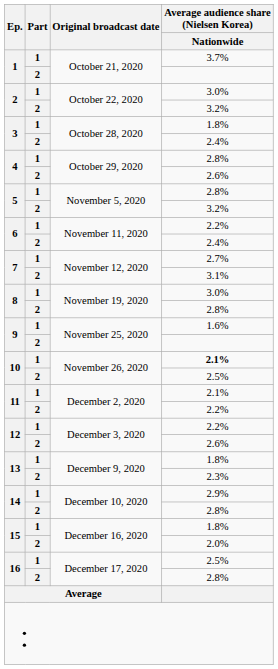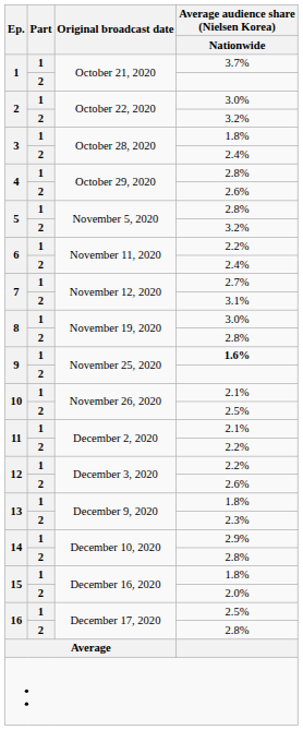 <table class="wikitable" style="text-align:center;max-width:450px; margin-left: auto; margin-right: auto; border: none;">
 <tr>
 <th rowspan="2">Ep.</th>
 <th rowspan="2">Part</th>
 <th rowspan="2">Original broadcast date</th>
 <th colspan="2">Average audience share<br>(Nielsen Korea)</th>
 </tr>
 <tr>
 <th>Nationwide</th>
 </tr>
 <tr>
 <th rowspan="2">1</th>
 <th>1</th>
 <td rowspan="2">October 21, 2020</td>
 <td>3.7%</td>
 </tr>
 <tr>
 <th>2</th>
 <td><strong></strong></td>
 </tr>
 <tr>
 <th rowspan="2">2</th>
 <th>1</th>
 <td rowspan="2">October 22, 2020</td>
 <td>3.0%</td>
 </tr>
 <tr>
 <th>2</th>
 <td>3.2%</td>
 </tr>
 <tr>
 <th rowspan="2">3</th>
 <th>1</th>
 <td rowspan="2">October 28, 2020</td>
 <td>1.8%</td>
 </tr>
 <tr>
 <th>2</th>
 <td>2.4%</td>
 </tr>
 <tr>
 <th rowspan="2">4</th>
 <th>1</th>
 <td rowspan="2">October 29, 2020</td>
 <td>2.8%</td>
 </tr>
 <tr>
 <th>2</th>
 <td>2.6%</td>
 </tr>
 <tr>
 <th rowspan="2">5</th>
 <th>1</th>
 <td rowspan="2">November 5, 2020</td>
 <td>2.8%</td>
 </tr>
 <tr>
 <th>2</th>
 <td>3.2%</td>
 </tr>
 <tr>
 <th rowspan="2">6</th>
 <th>1</th>
 <td rowspan="2">November 11, 2020</td>
 <td>2.2%</td>
 </tr>
 <tr>
 <th>2</th>
 <td>2.4%</td>
 </tr>
 <tr>
 <th rowspan="2">7</th>
 <th>1</th>
 <td rowspan="2">November 12, 2020</td>
 <td>2.7%</td>
 </tr>
 <tr>
 <th>2</th>
 <td>3.1%</td>
 </tr>
 <tr>
 <th rowspan="2">8</th>
 <th>1</th>
 <td rowspan="2">November 19, 2020</td>
 <td>3.0%</td>
 </tr>
 <tr>
 <th>2</th>
 <td>2.8%</td>
 </tr>
 <tr>
 <th rowspan="2">9</th>
 <th>1</th>
 <td rowspan="2">November 25, 2020</td>
-<td>1.6%</td>
+<td><strong>1.6%</strong></td>
 </tr>
 <tr>
 <th>2</th>
 <td></td>
 </tr>
 <tr>
 <th rowspan="2">10</th>
 <th>1</th>
 <td rowspan="2">November 26, 2020</td>
-<td><strong>2.1%</strong></td>
+<td>2.1%</td>
 </tr>
 <tr>
 <th>2</th>
 <td>2.5%</td>
 </tr>
 <tr>
 <th rowspan="2">11</th>
 <th>1</th>
 <td rowspan="2">December 2, 2020</td>
 <td>2.1%</td>
 </tr>
 <tr>
 <th>2</th>
 <td>2.2%</td>
 </tr>
 <tr>
 <th rowspan="2">12</th>
 <th>1</th>
 <td rowspan="2">December 3, 2020</td>
 <td>2.2%</td>
 </tr>
 <tr>
 <th>2</th>
 <td>2.6%</td>
 </tr>
 <tr>
 <th rowspan="2">13</th>
 <th>1</th>
 <td rowspan="2">December 9, 2020</td>
 <td>1.8%</td>
 </tr>
 <tr>
 <th>2</th>
 <td>2.3%</td>
 </tr>
 <tr>
 <th rowspan="2">14</th>
 <th>1</th>
 <td rowspan="2">December 10, 2020</td>
 <td>2.9%</td>
 </tr>
 <tr>
 <th>2</th>
 <td>2.8%</td>
 </tr>
 <tr>
 <th rowspan="2">15</th>
 <th>1</th>
 <td rowspan="2">December 16, 2020</td>
 <td>1.8%</td>
 </tr>
 <tr>
 <th>2</th>
 <td>2.0%</td>
 </tr>
 <tr>
 <th rowspan="2">16</th>
 <th>1</th>
 <td rowspan="2">December 17, 2020</td>
 <td>2.5%</td>
 </tr>
 <tr>
 <th>2</th>
 <td>2.8%</td>
 </tr>
 <tr>
 <th colspan="3">Average</th>
 <th></th>
 </tr>
 <tr>
 <td colspan="4"><br><ul><li></li><li></li></ul></td>
 </tr>
 </table>
